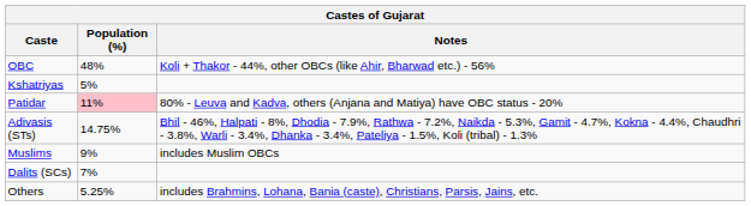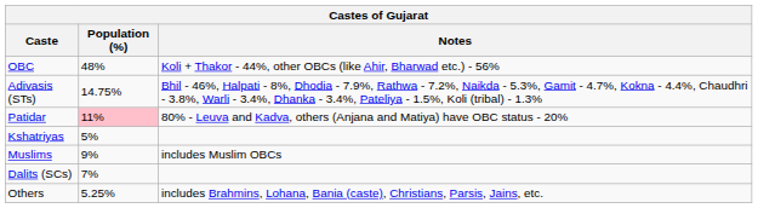 <table class="wikitable" style="width: 75%;font-size: 95%;align:center;">
 <tr>
 <th colspan="3">Castes of Gujarat</th>
 </tr>
 <tr>
 <th>Caste</th>
 <th>Population (%)</th>
 <th>Notes</th>
 </tr>
 <tr>
 <td><a href='#'>OBC</a></td>
 <td>48%</td>
 <td><a href='#'>Koli</a> +  <a href='#'>Thakor</a> - 44%, other OBCs (like <a href='#'>Ahir</a>, <a href='#'>Bharwad</a> etc.) - 56%</td>
 </tr>
 <tr>
-<td><a href='#'>Kshatriyas</a></td>
-<td>5%</td>
-<td></td>
+<td><a href='#'>Adivasis</a> (STs)</td>
+<td>14.75%</td>
+<td><a href='#'>Bhil</a> - 46%, <a href='#'>Halpati</a> - 8%, <a href='#'>Dhodia</a> - 7.9%, <a href='#'>Rathwa</a> - 7.2%, <a href='#'>Naikda</a> - 5.3%, <a href='#'>Gamit</a> - 4.7%, <a href='#'>Kokna</a> - 4.4%, Chaudhri - 3.8%, <a href='#'>Warli</a> - 3.4%, <a href='#'>Dhanka</a> - 3.4%, <a href='#'>Pateliya</a> - 1.5%, Koli (tribal) - 1.3%</td>
 </tr>
 <tr>
 <td><a href='#'>Patidar</a></td>
 <td style="background: pink;">11%</td>
 <td>80% - <a href='#'>Leuva</a> and <a href='#'>Kadva</a>, others (Anjana and Matiya) have OBC status  - 20%</td>
 </tr>
 <tr>
-<td><a href='#'>Adivasis</a> (STs)</td>
-<td>14.75%</td>
-<td><a href='#'>Bhil</a> - 46%, <a href='#'>Halpati</a> - 8%, <a href='#'>Dhodia</a> - 7.9%, <a href='#'>Rathwa</a> - 7.2%, <a href='#'>Naikda</a> - 5.3%, <a href='#'>Gamit</a> - 4.7%, <a href='#'>Kokna</a> - 4.4%, Chaudhri - 3.8%, <a href='#'>Warli</a> - 3.4%, <a href='#'>Dhanka</a> - 3.4%, <a href='#'>Pateliya</a> - 1.5%, Koli (tribal) - 1.3%</td>
+<td><a href='#'>Kshatriyas</a></td>
+<td>5%</td>
+<td></td>
 </tr>
 <tr>
 <td><a href='#'>Muslims</a></td>
 <td>9%</td>
 <td>includes Muslim OBCs</td>
 </tr>
 <tr>
 <td><a href='#'>Dalits</a> (SCs)</td>
 <td>7%</td>
 <td></td>
 </tr>
 <tr>
 <td>Others</td>
 <td>5.25%</td>
 <td>includes <a href='#'>Brahmins</a>, <a href='#'>Lohana</a>, <a href='#'>Bania (caste)</a>, <a href='#'>Christians</a>, <a href='#'>Parsis</a>, <a href='#'>Jains</a>, etc.</td>
 </tr>
 </table>
